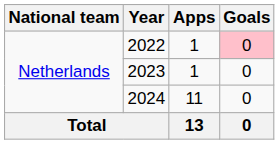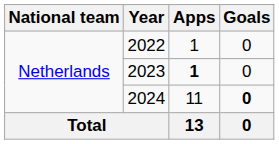 <table class="wikitable" style="text-align:center">
 <tr>
 <th>National team</th>
 <th>Year</th>
 <th>Apps</th>
 <th>Goals</th>
 </tr>
 <tr>
 <td rowspan="3"><a href='#'>Netherlands</a></td>
 <td>2022</td>
 <td>1</td>
-<td style="background: pink;">0</td>
+<td>0</td>
 </tr>
 <tr>
 <td>2023</td>
-<td>1</td>
+<td><strong>1</strong></td>
 <td>0</td>
 </tr>
 <tr>
 <td>2024</td>
 <td>11</td>
-<td>0</td>
+<td><strong>0</strong></td>
 </tr>
 <tr>
 <th colspan="2">Total</th>
 <th>13</th>
 <th>0</th>
 </tr>
 </table>
